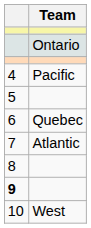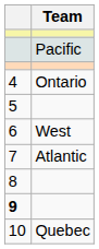 <table class="wikitable">
 <tr>
 <th width=20></th>
 <th>Team</th>
 </tr>
 <tr style="background:#F7F6A8;">
 <td align="center"></td>
 <td></td>
 </tr>
 <tr style="background:#DCE5E5;">
 <td align="center"></td>
-<td> Ontario</td>
+<td> Pacific</td>
 </tr>
 <tr style="background:#FFDAB9;">
 <td align="center"></td>
 <td></td>
 </tr>
 <tr>
 <td>4</td>
-<td> Pacific</td>
+<td> Ontario</td>
 </tr>
 <tr>
 <td>5</td>
 <td></td>
 </tr>
 <tr>
 <td>6</td>
-<td> Quebec</td>
+<td> West</td>
 </tr>
 <tr>
 <td>7</td>
 <td> Atlantic</td>
 </tr>
 <tr>
 <td>8</td>
 <td></td>
 </tr>
 <tr>
 <td><strong>9</strong></td>
 <td></td>
 </tr>
 <tr>
 <td>10</td>
-<td> West</td>
+<td> Quebec</td>
 </tr>
 </table>
